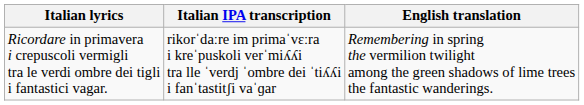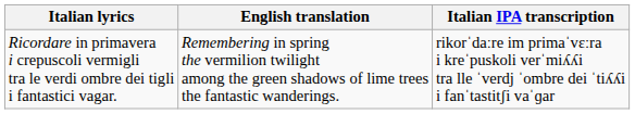 <table class="wikitable">
 <tr>
 <th>Italian lyrics</th>
+<th>English translation</th>
 <th>Italian <a href='#'>IPA</a> transcription</th>
-<th>English translation</th>
 </tr>
 <tr style="vertical-align:top; white-space:nowrap;">
 <td><em>Ricordare</em> in primavera<br><em>i</em> crepuscoli vermigli<br>tra le verdi ombre dei tigli<br>i fantastici vagar.</td>
+<td><em>Remembering</em> in spring<br><em>the</em> vermilion twilight<br>among the green shadows of lime trees<br>the fantastic wanderings.</td>
 <td>rikorˈdaːre im primaˈvɛːra<br>i kreˈpuskoli verˈmiʎʎi<br>tra lle ˈverdj ˈombre dei ˈtiʎʎi<br>i fanˈtastitʃi vaˈɡar</td>
-<td><em>Remembering</em> in spring<br><em>the</em> vermilion twilight<br>among the green shadows of lime trees<br>the fantastic wanderings.</td>
 </tr>
 </table>
